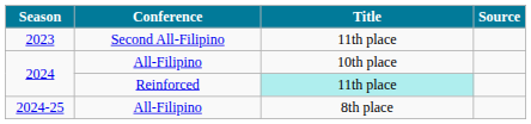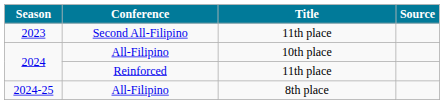 <table class="wikitable">
 <tr>
 <th width=70px style="background:#017A99; color:white; text-align: center">Season</th>
 <th width=200px style="background:#017A99; color:white">Conference</th>
 <th width=230px style="background:#017A99; color:white">Title</th>
 <th width=50px style="background:#017A99; color:white">Source</th>
 </tr>
 <tr align=center>
 <td><a href='#'>2023</a></td>
 <td><a href='#'>Second All-Filipino</a></td>
 <td>11th place</td>
 <td></td>
 </tr>
 <tr align=center>
 <td rowspan=2><a href='#'>2024</a></td>
 <td><a href='#'>All-Filipino</a></td>
 <td>10th place</td>
 <td></td>
 </tr>
 <tr align=center>
 <td><a href='#'>Reinforced</a></td>
-<td style="background: paleturquoise;">11th place</td>
+<td>11th place</td>
 <td></td>
 </tr>
 <tr align=center>
 <td><a href='#'>2024-25</a></td>
 <td><a href='#'>All-Filipino</a></td>
 <td>8th place</td>
 <td></td>
 </tr>
 </table>
